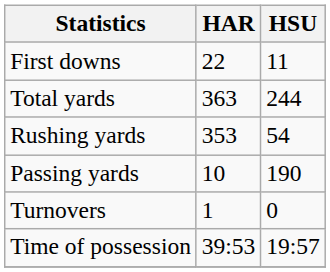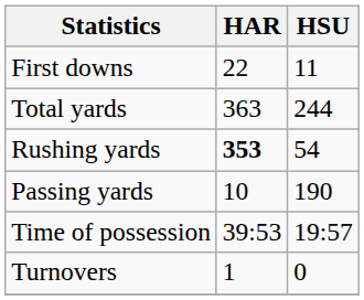 <table class="wikitable" style="float: left;">
 <tr>
 <th>Statistics</th>
 <th>HAR</th>
 <th>HSU</th>
 </tr>
 <tr>
 <td>First downs</td>
 <td>22</td>
 <td>11</td>
 </tr>
 <tr>
 <td>Total yards</td>
 <td>363</td>
 <td>244</td>
 </tr>
 <tr>
 <td>Rushing yards</td>
-<td>353</td>
+<td><strong>353</strong></td>
 <td>54</td>
 </tr>
 <tr>
 <td>Passing yards</td>
 <td>10</td>
 <td>190</td>
 </tr>
 <tr>
+<td>Time of possession</td>
+<td>39:53</td>
+<td>19:57</td>
+</tr>
+<tr>
 <td>Turnovers</td>
 <td>1</td>
 <td>0</td>
 </tr>
 <tr>
-<td>Time of possession</td>
-<td>39:53</td>
-<td>19:57</td>
-</tr>
-<tr>
 </tr>
 </table>
